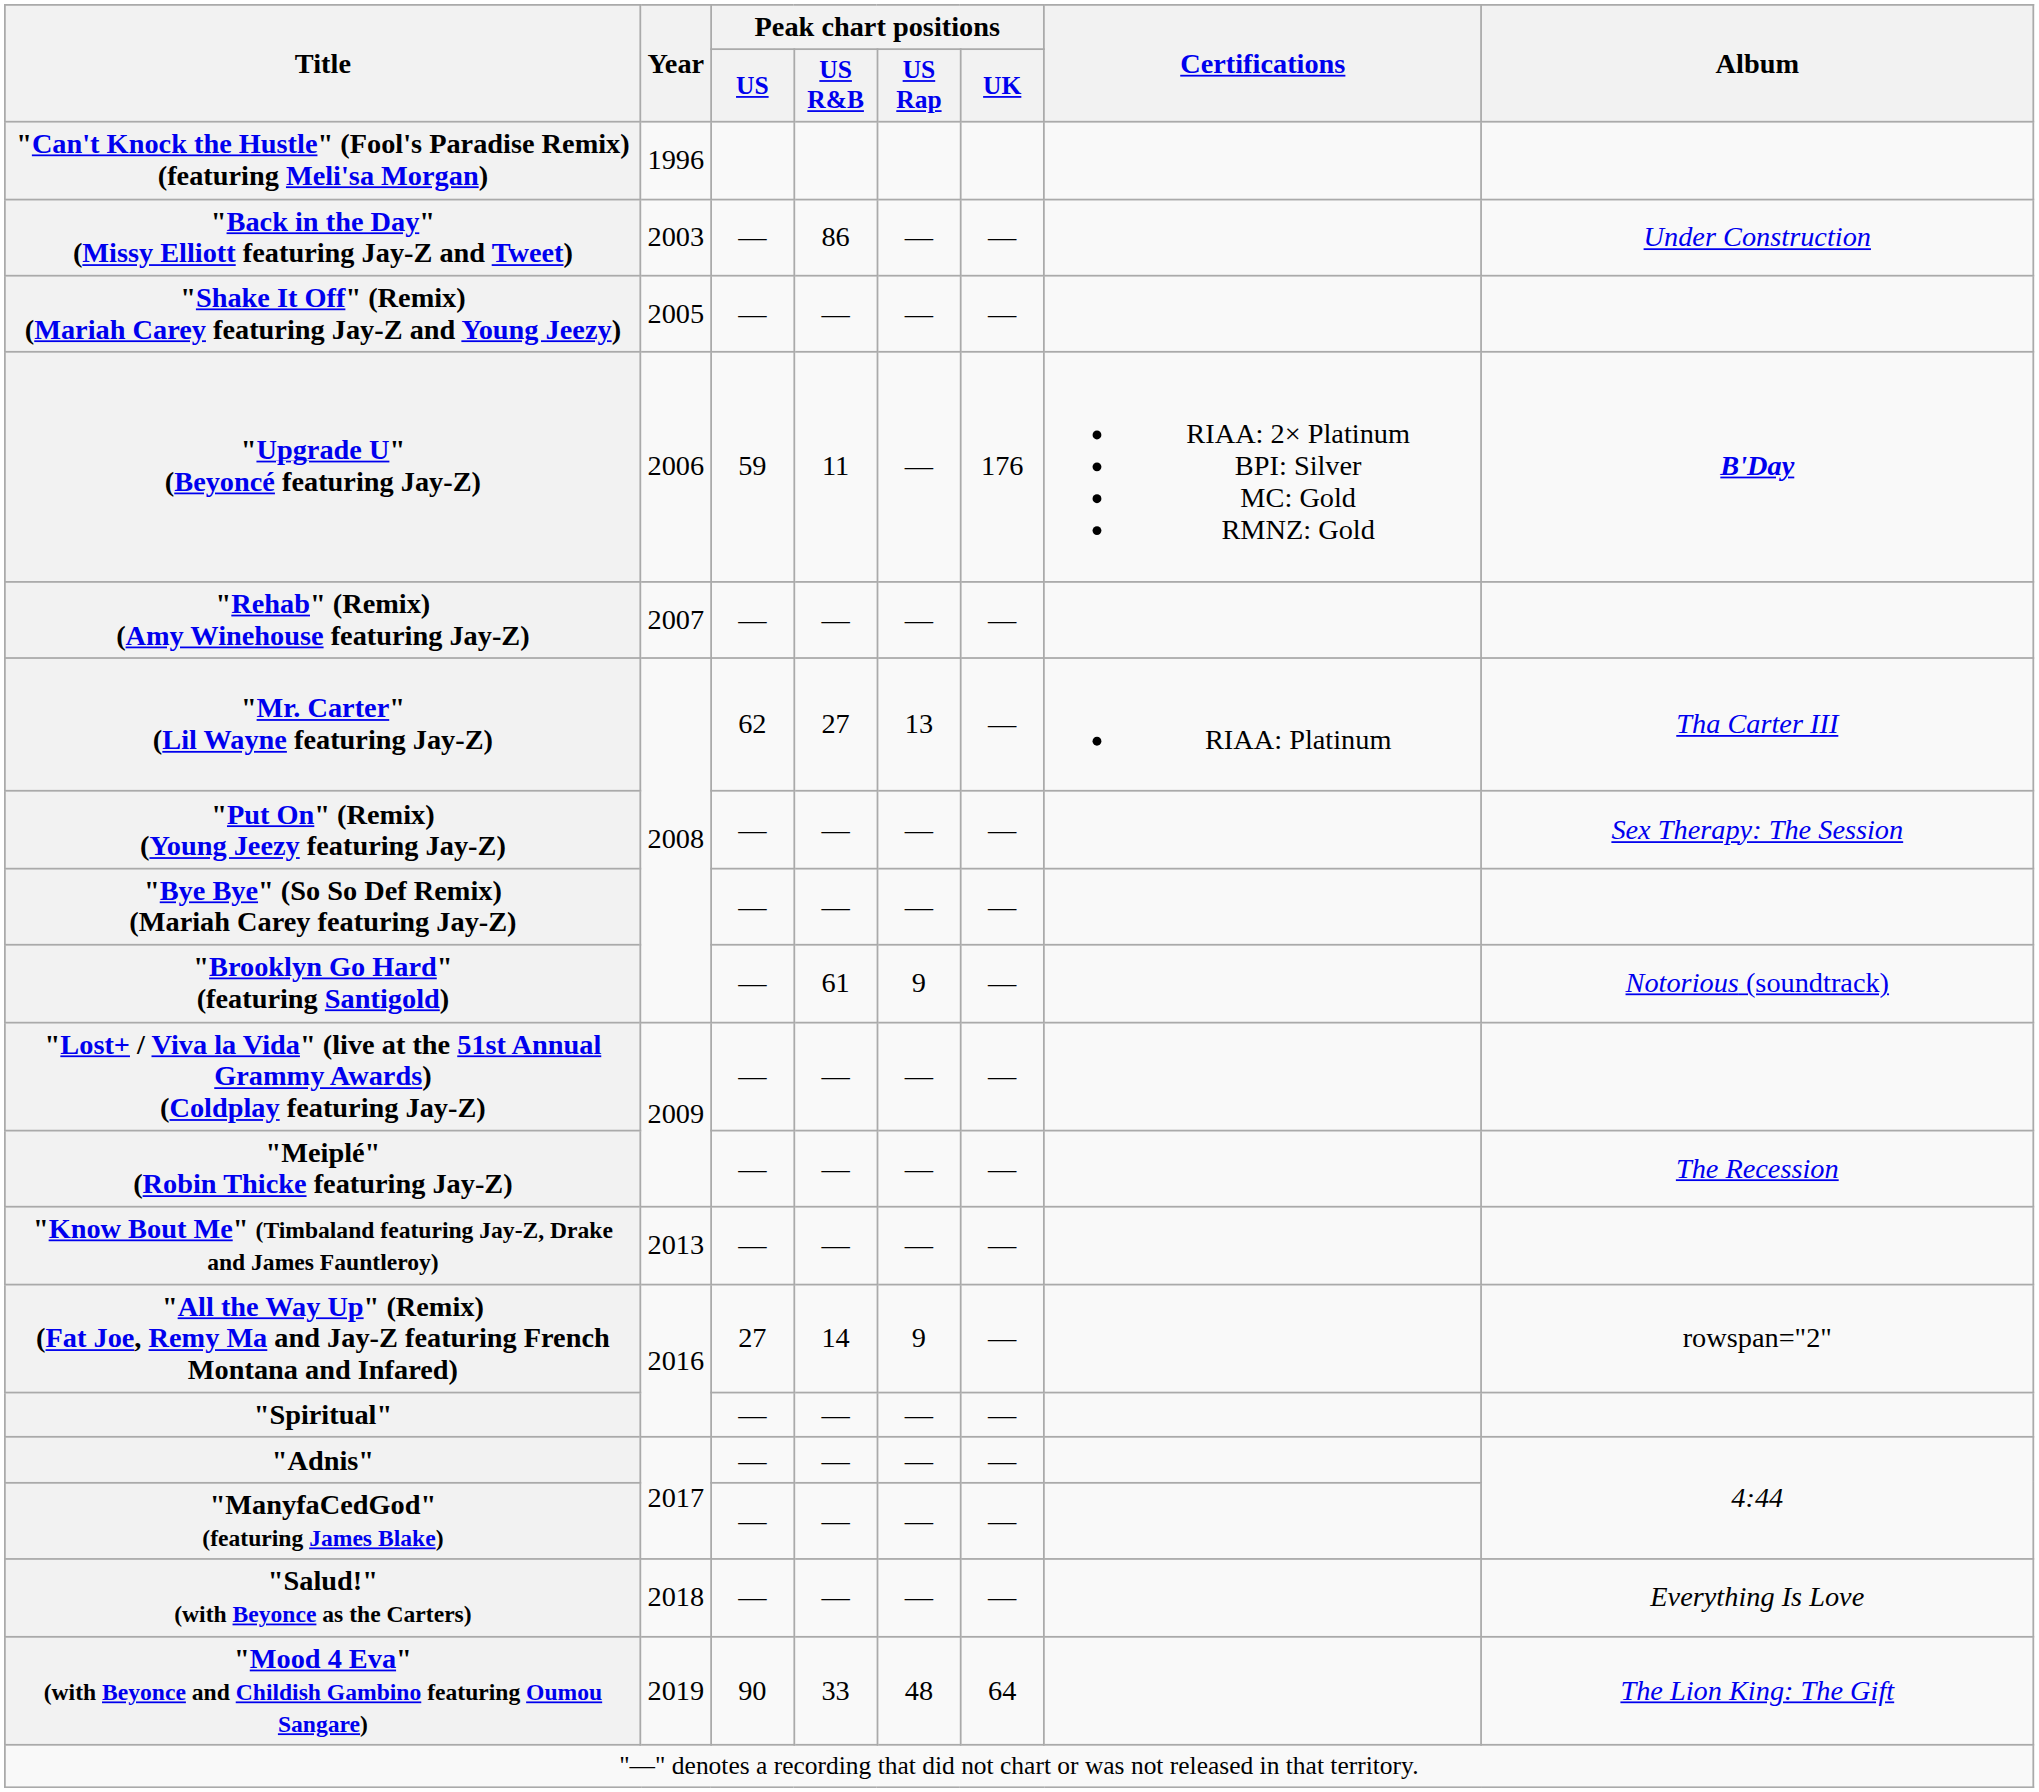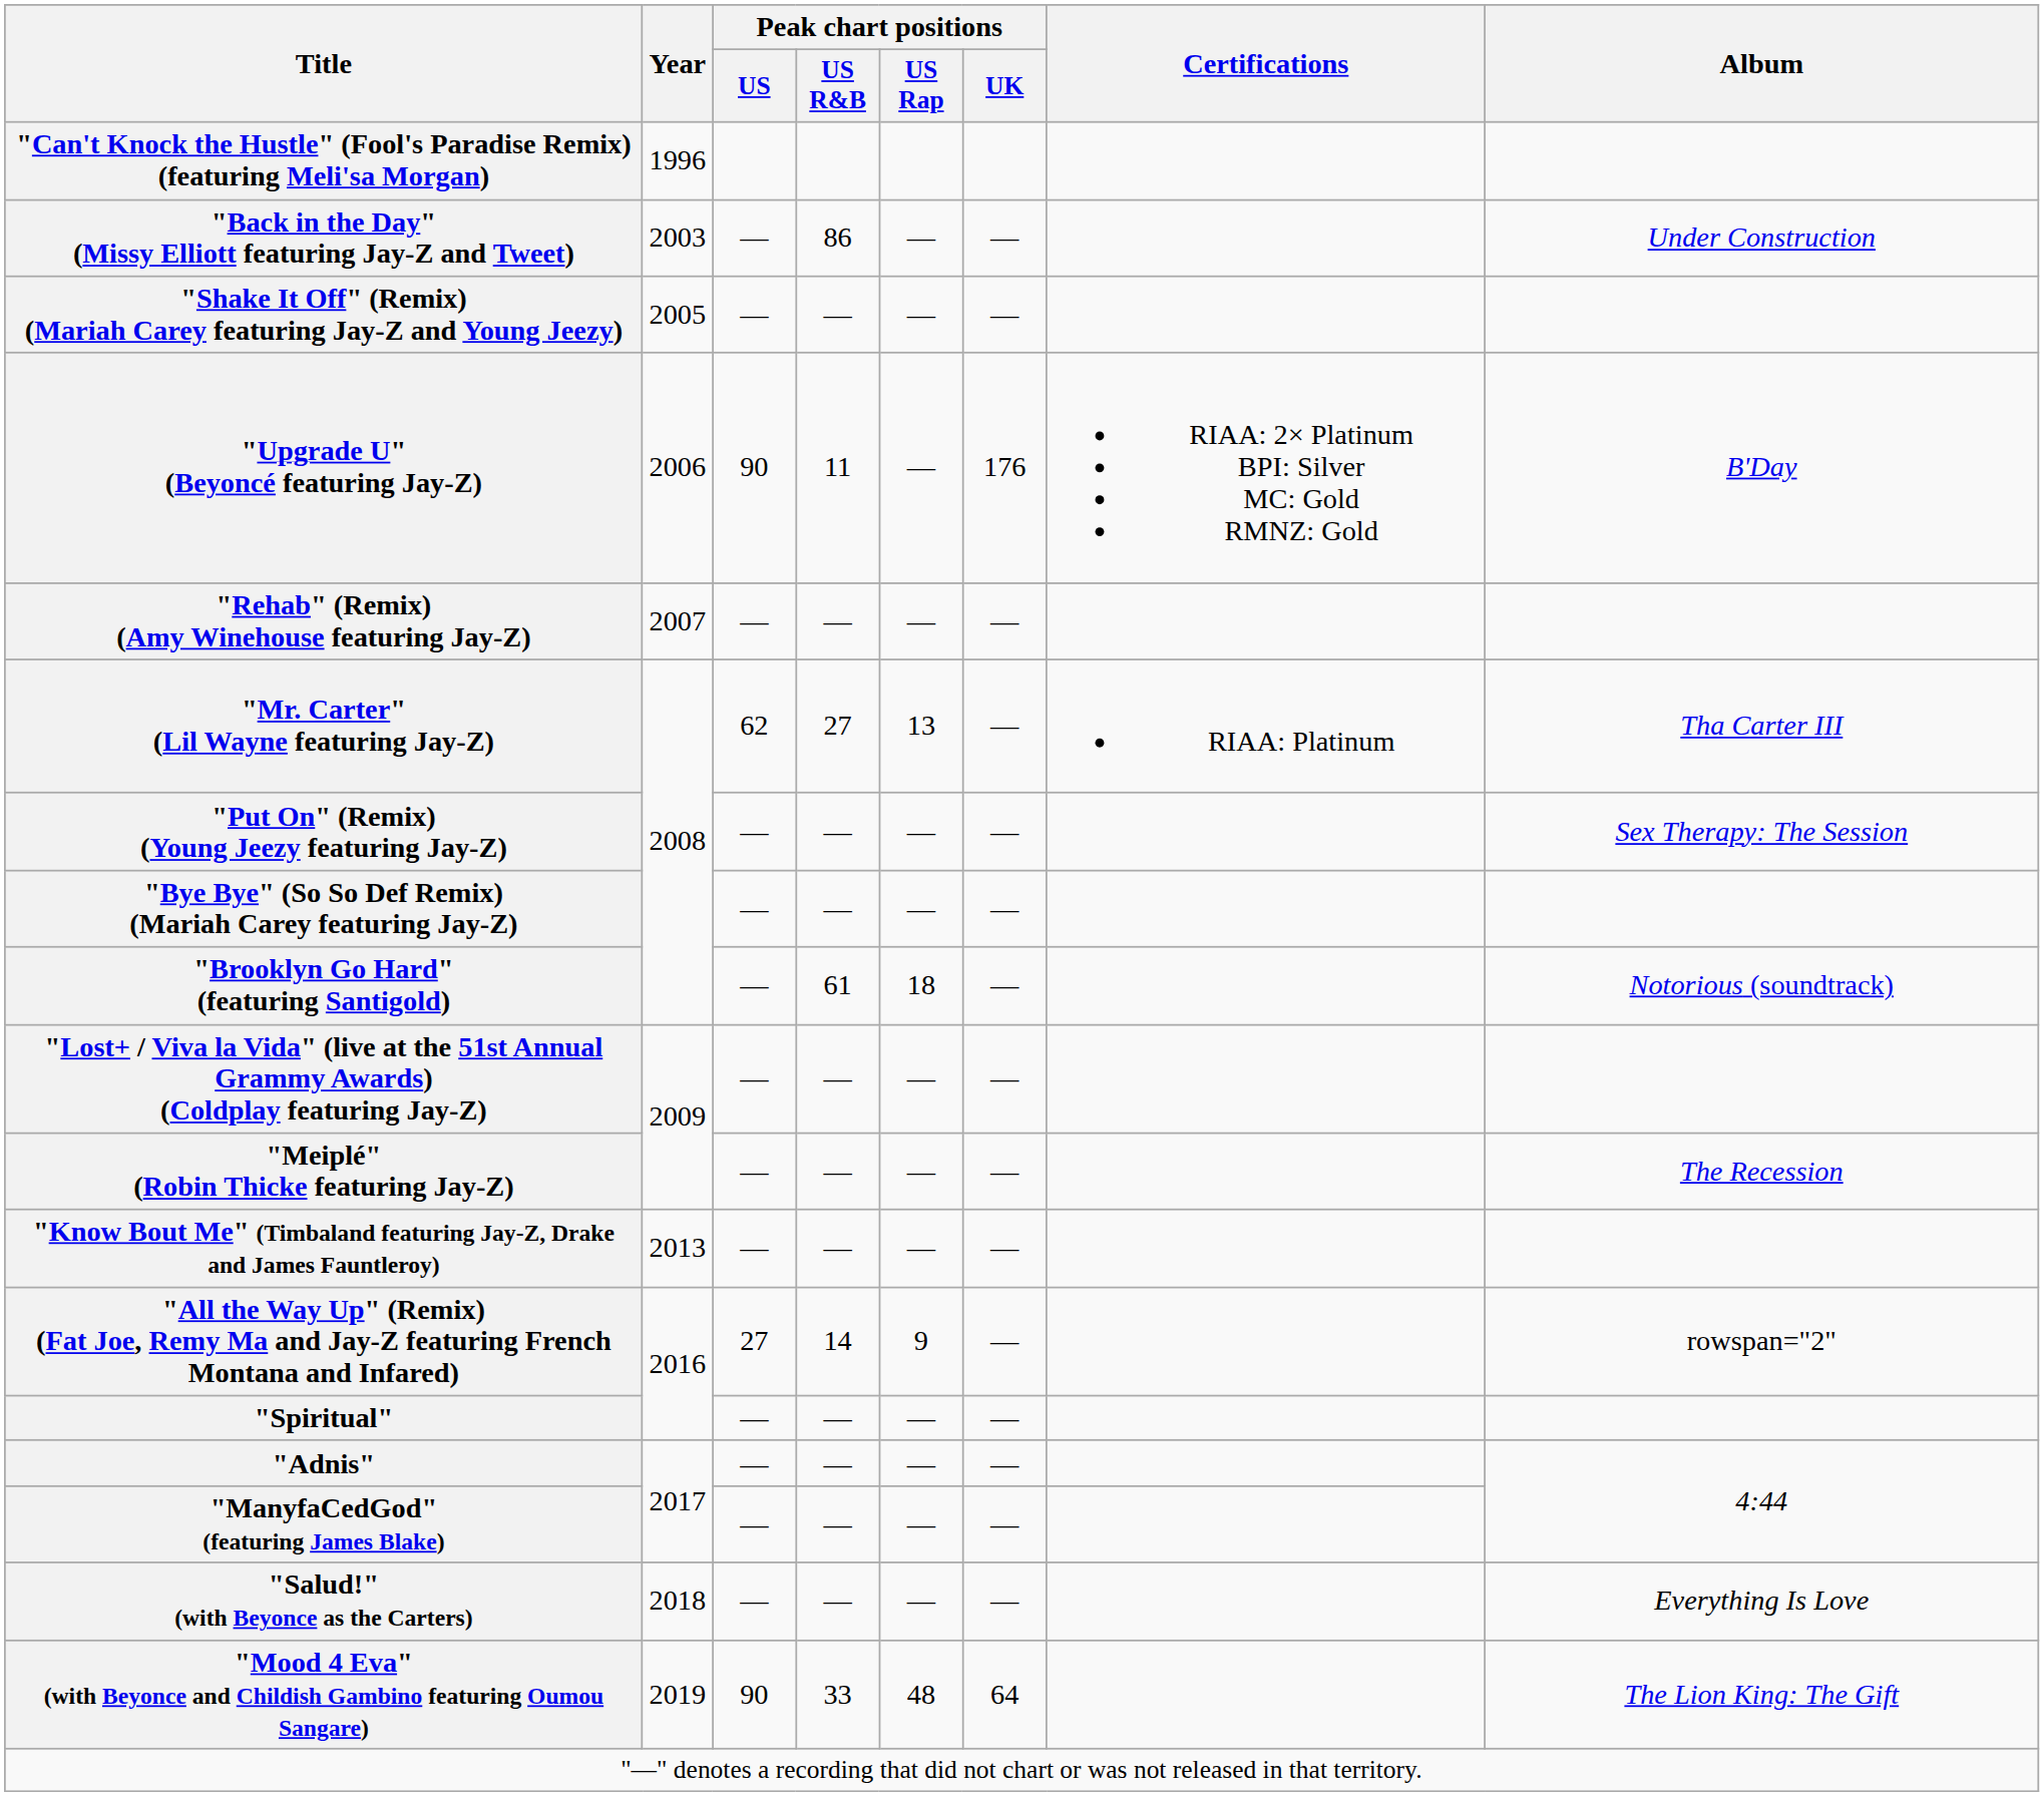 <table class="wikitable plainrowheaders" style="text-align:center;">
 <tr>
 <th scope="col" rowspan="2" style="width:22em;">Title</th>
 <th scope="col" rowspan="2" style="width:1em;">Year</th>
 <th scope="col" colspan="4">Peak chart positions</th>
 <th rowspan="2" scope="col" style="width:15em;"><a href='#'>Certifications</a></th>
 <th scope="col" rowspan="2" style="width:19em;">Album</th>
 </tr>
 <tr>
 <th scope="col" style="width:2.8em;font-size:90%;"><a href='#'>US</a><br></th>
 <th scope="col" style="width:2.8em;font-size:90%;"><a href='#'>US<br>R&B</a><br></th>
 <th scope="col" style="width:2.8em;font-size:90%;"><a href='#'>US<br>Rap</a><br></th>
 <th scope="col" style="width:2.8em;font-size:90%;"><a href='#'>UK</a><br></th>
 </tr>
 <tr>
 <th scope="row">"<a href='#'>Can't Knock the Hustle</a>" (Fool's Paradise Remix)<br><span>(featuring <a href='#'>Meli'sa Morgan</a>)</span></th>
 <td>1996</td>
 <td></td>
 <td></td>
 <td></td>
 <td></td>
 <td></td>
 <td></td>
 </tr>
 <tr>
 <th scope="row">"<a href='#'>Back in the Day</a>"<br><span>(<a href='#'>Missy Elliott</a> featuring Jay-Z and <a href='#'>Tweet</a>)</span></th>
 <td>2003</td>
 <td>—</td>
 <td>86</td>
 <td>—</td>
 <td>—</td>
 <td></td>
 <td><em><a href='#'>Under Construction</a></em></td>
 </tr>
 <tr>
 <th scope="row">"<a href='#'>Shake It Off</a>" (Remix)<br><span>(<a href='#'>Mariah Carey</a> featuring Jay-Z and <a href='#'>Young Jeezy</a>)</span></th>
 <td>2005</td>
 <td>—</td>
 <td>—</td>
 <td>—</td>
 <td>—</td>
 <td></td>
 <td></td>
 </tr>
 <tr>
 <th scope="row">"<a href='#'>Upgrade U</a>"<br><span>(<a href='#'>Beyoncé</a> featuring Jay-Z)</span></th>
 <td>2006</td>
-<td>59</td>
+<td>90</td>
 <td>11</td>
 <td>—</td>
 <td>176</td>
 <td><br><ul><li>RIAA: 2× Platinum</li><li>BPI: Silver</li><li>MC: Gold</li><li>RMNZ: Gold</li></ul></td>
-<td><strong><em><a href='#'>B'Day</a></em></strong></td>
+<td><em><a href='#'>B'Day</a></em></td>
 </tr>
 <tr>
 <th scope="row">"<a href='#'>Rehab</a>" (Remix)<br><span>(<a href='#'>Amy Winehouse</a> featuring Jay-Z)</span></th>
 <td>2007</td>
 <td>—</td>
 <td>—</td>
 <td>—</td>
 <td>—</td>
 <td></td>
 <td></td>
 </tr>
 <tr>
 <th scope="row">"<a href='#'>Mr. Carter</a>"<br><span>(<a href='#'>Lil Wayne</a> featuring Jay-Z)</span></th>
 <td rowspan="4">2008</td>
 <td>62</td>
 <td>27</td>
 <td>13</td>
 <td>—</td>
 <td><br><ul><li>RIAA: Platinum</li></ul></td>
 <td><em><a href='#'>Tha Carter III</a></em></td>
 </tr>
 <tr>
 <th scope="row">"<a href='#'>Put On</a>" (Remix)<br><span>(<a href='#'>Young Jeezy</a> featuring Jay-Z)</span></th>
 <td>—</td>
 <td>—</td>
 <td>—</td>
 <td>—</td>
 <td></td>
 <td><em><a href='#'>Sex Therapy: The Session</a></em></td>
 </tr>
 <tr>
 <th scope="row">"<a href='#'>Bye Bye</a>" (So So Def Remix)<br><span>(Mariah Carey featuring Jay-Z)</span></th>
 <td>—</td>
 <td>—</td>
 <td>—</td>
 <td>—</td>
 <td></td>
 <td></td>
 </tr>
 <tr>
 <th scope="row">"<a href='#'>Brooklyn Go Hard</a>"<br><span>(featuring <a href='#'>Santigold</a>)</span></th>
 <td>—</td>
 <td>61</td>
-<td>9</td>
+<td>18</td>
 <td>—</td>
 <td></td>
 <td><a href='#'><em>Notorious</em> (soundtrack)</a></td>
 </tr>
 <tr>
 <th scope="row">"<a href='#'>Lost+</a> / <a href='#'>Viva la Vida</a>" (live at the <a href='#'>51st Annual Grammy Awards</a>)<br><span>(<a href='#'>Coldplay</a> featuring Jay-Z)</span></th>
 <td rowspan="2">2009</td>
 <td>—</td>
 <td>—</td>
 <td>—</td>
 <td>—</td>
 <td></td>
 <td></td>
 </tr>
 <tr>
 <th scope="row">"Meiplé"<br><span>(<a href='#'>Robin Thicke</a> featuring Jay-Z)</span></th>
 <td>—</td>
 <td>—</td>
 <td>—</td>
 <td>—</td>
 <td></td>
 <td><em><a href='#'>The Recession</a></em></td>
 </tr>
 <tr>
 <th scope="row">"<a href='#'>Know Bout Me</a>" <small>(Timbaland featuring Jay-Z, Drake and James Fauntleroy)</small></th>
 <td>2013</td>
 <td>—</td>
 <td>—</td>
 <td>—</td>
 <td>—</td>
 <td></td>
 <td></td>
 </tr>
 <tr>
 <th scope="row">"<a href='#'>All the Way Up</a>" (Remix)<br><span>(<a href='#'>Fat Joe</a>, <a href='#'>Remy Ma</a> and Jay-Z featuring French Montana and Infared)</span></th>
 <td rowspan="2">2016</td>
 <td>27</td>
 <td>14</td>
 <td>9</td>
 <td>—</td>
 <td></td>
 <td>rowspan="2" </td>
 </tr>
 <tr>
 <th scope="row">"Spiritual"</th>
 <td>—</td>
 <td>—</td>
 <td>—</td>
 <td>—</td>
 <td></td>
 </tr>
 <tr>
 <th scope="row">"Adnis"</th>
 <td rowspan="2">2017</td>
 <td>—</td>
 <td>—</td>
 <td>—</td>
 <td>—</td>
 <td></td>
 <td rowspan="2"><em>4:44</em></td>
 </tr>
 <tr>
 <th scope="row">"ManyfaCedGod"<br><small>(featuring <a href='#'>James Blake</a>)</small></th>
 <td>—</td>
 <td>—</td>
 <td>—</td>
 <td>—</td>
 </tr>
 <tr>
 <th scope="row">"Salud!"<br><small>(with <a href='#'>Beyonce</a> as the Carters)</small></th>
 <td rowspan="1">2018</td>
 <td>—</td>
 <td>—</td>
 <td>—</td>
 <td>—</td>
 <td></td>
 <td rowspan="1"><em>Everything Is Love</em></td>
 </tr>
 <tr>
 <th scope="row">"<a href='#'>Mood 4 Eva</a>"<br><small>(with <a href='#'>Beyonce</a> and <a href='#'>Childish Gambino</a> featuring <a href='#'>Oumou Sangare</a>)</small></th>
 <td>2019</td>
 <td>90</td>
 <td>33</td>
 <td>48</td>
 <td>64</td>
 <td></td>
 <td><em><a href='#'>The Lion King: The Gift</a></em></td>
 </tr>
 <tr>
 <td colspan="9" style="font-size:90%">"—" denotes a recording that did not chart or was not released in that territory.</td>
 </tr>
 </table>
